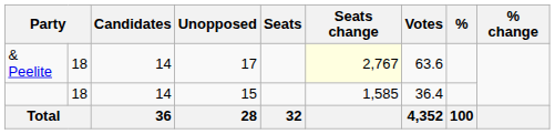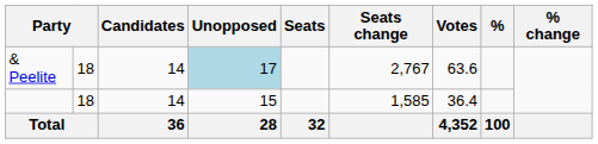 <table class="wikitable sortable">
 <tr>
 <th colspan=2>Party</th>
 <th>Candidates</th>
 <th>Unopposed</th>
 <th>Seats</th>
 <th>Seats change</th>
 <th>Votes</th>
 <th>%</th>
 <th>% change</th>
 </tr>
 <tr>
 <td> & <a href='#'>Peelite</a></td>
 <td align=right>18</td>
 <td align=right>14</td>
-<td align=right>17</td>
+<td align=right style="background: lightblue;">17</td>
 <td align=right></td>
-<td align=right style="background: lightyellow;">2,767</td>
+<td align=right>2,767</td>
 <td align=right>63.6</td>
 <td align=right></td>
 </tr>
 <tr>
 <td></td>
 <td align=right>18</td>
 <td align=right>14</td>
 <td align=right>15</td>
 <td align=right></td>
 <td align=right>1,585</td>
 <td align=right>36.4</td>
 <td align=right></td>
 </tr>
 <tr class="sortbottom" style="font-weight: bold; text-align: right; background: #f2f2f2;">
 <th colspan="2" style="padding-left: 1.5em; text-align: left;">Total</th>
 <td align=right>36</td>
 <td align=right>28</td>
 <td align=right>32</td>
 <td align=right></td>
 <td align=right>4,352</td>
 <td align=right>100</td>
 <td align=right></td>
 </tr>
 </table>
